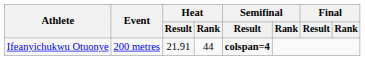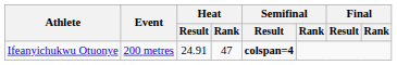 <table class=wikitable style=font-size:90%>
 <tr>
 <th rowspan=2>Athlete</th>
 <th rowspan=2>Event</th>
 <th colspan=2>Heat</th>
 <th colspan=2>Semifinal</th>
 <th colspan=2>Final</th>
 </tr>
 <tr style=font-size:95%>
 <th>Result</th>
 <th>Rank</th>
 <th>Result</th>
 <th>Rank</th>
 <th>Result</th>
 <th>Rank</th>
 </tr>
 <tr align=center>
 <td align=left><a href='#'>Ifeanyichukwu Otuonye</a></td>
 <td align=left><a href='#'>200 metres</a></td>
-<td>21.91</td>
-<td>44</td>
+<td>24.91</td>
+<td>47</td>
 <td><strong>colspan=4 </strong></td>
 </tr>
 </table>
